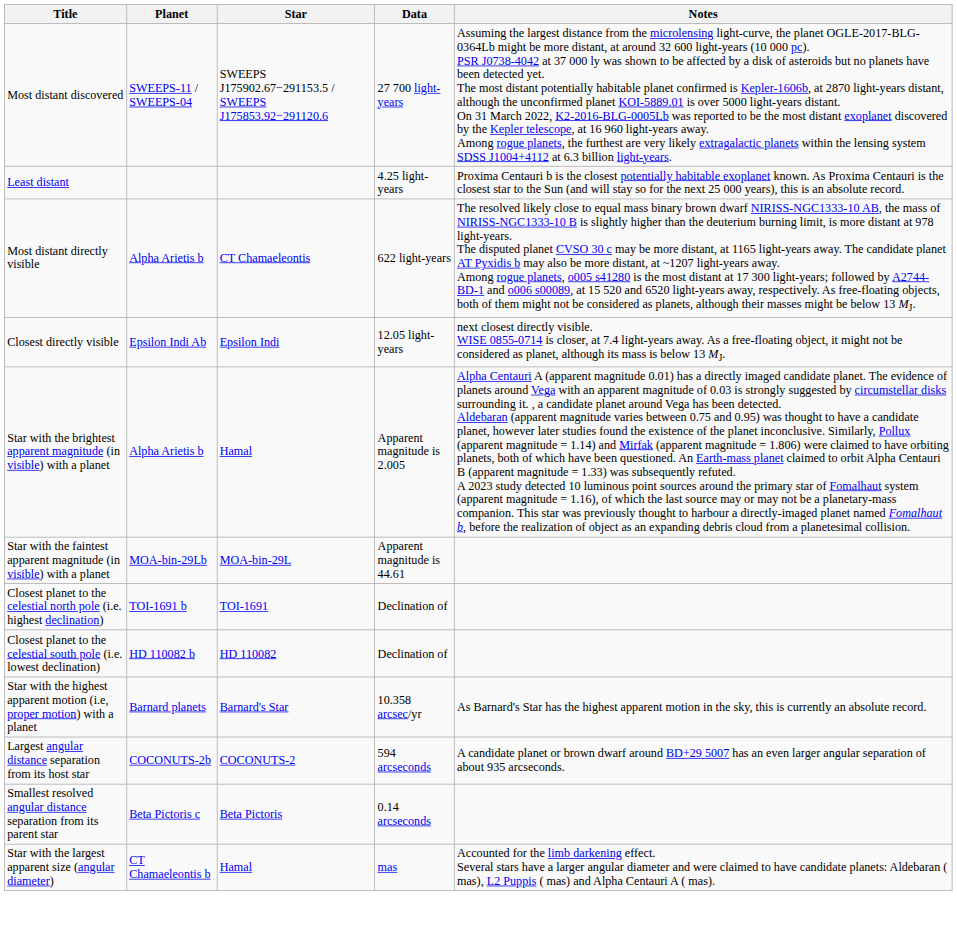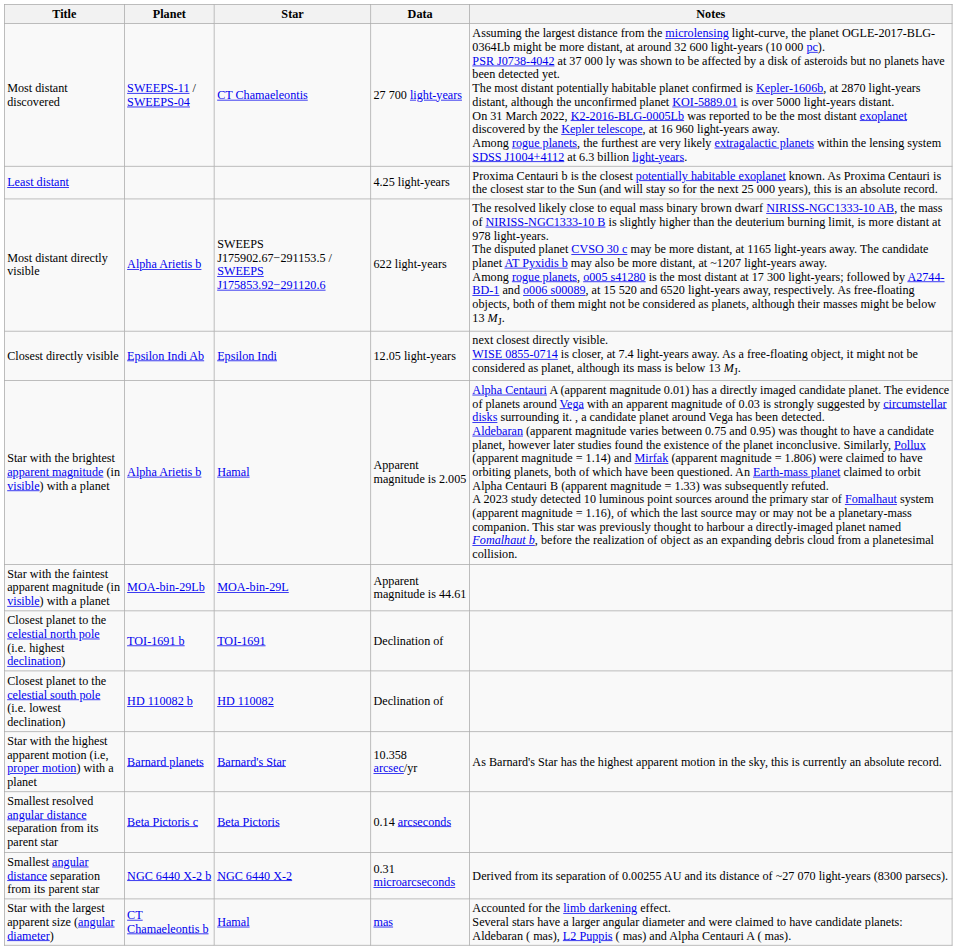 <table class="wikitable sticky-header">
 <tr>
 <th>Title</th>
 <th>Planet</th>
 <th>Star</th>
 <th>Data</th>
 <th>Notes</th>
 </tr>
 <tr>
 <td>Most distant discovered</td>
 <td><a href='#'>SWEEPS-11</a> / <a href='#'>SWEEPS-04</a></td>
-<td>SWEEPS J175902.67−291153.5 / <a href='#'>SWEEPS J175853.92−291120.6</a></td>
+<td><a href='#'>CT Chamaeleontis</a></td>
 <td>27 700 <a href='#'>light-years</a></td>
 <td>Assuming the largest distance from the <a href='#'>microlensing</a> light-curve, the planet OGLE-2017-BLG-0364Lb might be more distant, at around 32 600 light-years (10 000 <a href='#'>pc</a>).<br><a href='#'>PSR J0738-4042</a> at 37 000 ly was shown to be affected by a disk of asteroids but no planets have been detected yet.<br>The most distant potentially habitable planet confirmed is <a href='#'>Kepler-1606b</a>, at 2870 light-years distant, although the unconfirmed planet <a href='#'>KOI-5889.01</a> is over 5000 light-years distant.<br>On 31 March 2022, <a href='#'>K2-2016-BLG-0005Lb</a> was reported to be the most distant <a href='#'>exoplanet</a> discovered by the <a href='#'>Kepler telescope</a>, at 16 960 light-years away.<br>Among <a href='#'>rogue planets</a>, the furthest are very likely <a href='#'>extragalactic planets</a> within the lensing system <a href='#'>SDSS J1004+4112</a> at 6.3 billion <a href='#'>light-years</a>.</td>
 </tr>
 <tr>
 <td><a href='#'>Least distant</a></td>
 <td></td>
 <td></td>
 <td>4.25 light-years</td>
 <td>Proxima Centauri b is the closest <a href='#'>potentially  habitable exoplanet</a> known. As Proxima Centauri is the closest star to the Sun (and will stay so for the next 25 000 years), this is an absolute record.</td>
 </tr>
 <tr>
 <td>Most distant directly visible</td>
 <td><a href='#'>Alpha Arietis b</a></td>
-<td><a href='#'>CT Chamaeleontis</a></td>
+<td>SWEEPS J175902.67−291153.5 / <a href='#'>SWEEPS J175853.92−291120.6</a></td>
 <td>622 light-years</td>
 <td>The resolved likely close to equal mass binary brown dwarf <a href='#'>NIRISS-NGC1333-10 AB</a>, the mass of <a href='#'>NIRISS-NGC1333-10 B</a> is slightly higher than the deuterium burning limit, is more distant at 978 light-years.<br>The disputed planet <a href='#'>CVSO 30 c</a> may be more distant, at 1165 light-years away. The candidate planet <a href='#'>AT Pyxidis b</a> may also be more distant, at ~1207 light-years away.<br>Among <a href='#'>rogue planets</a>, <a href='#'>o005 s41280</a> is the most distant at 17 300 light-years; followed by <a href='#'>A2744-BD-1</a> and <a href='#'>o006 s00089</a>, at 15 520 and 6520 light-years away, respectively. As free-floating objects, both of them might not be considered as planets, although their masses might be below 13 <em>M</em><sub>J</sub>.</td>
 </tr>
 <tr>
 <td>Closest directly visible</td>
 <td><a href='#'>Epsilon Indi Ab</a></td>
 <td><a href='#'>Epsilon Indi</a></td>
 <td>12.05 light-years</td>
 <td> next closest directly visible.<br><a href='#'>WISE 0855-0714</a> is closer, at 7.4 light-years away. As a free-floating object, it might not be considered as planet, although its mass is below 13 <em>M</em><sub>J</sub>.</td>
 </tr>
 <tr>
 <td>Star with the brightest <a href='#'>apparent magnitude</a> (in <a href='#'>visible</a>) with a planet</td>
 <td><a href='#'>Alpha Arietis b</a></td>
 <td><a href='#'>Hamal</a></td>
 <td>Apparent magnitude is 2.005</td>
 <td><a href='#'>Alpha Centauri</a> A (apparent magnitude 0.01) has a directly imaged candidate planet. The evidence of planets around <a href='#'>Vega</a> with an apparent magnitude of 0.03 is strongly suggested by <a href='#'>circumstellar disks</a> surrounding it. , a candidate planet around Vega has been detected.<br><a href='#'>Aldebaran</a> (apparent magnitude varies between 0.75 and 0.95) was thought to have a candidate planet, however later studies found the existence of the planet inconclusive. Similarly, <a href='#'>Pollux</a> (apparent magnitude = 1.14) and <a href='#'>Mirfak</a> (apparent magnitude = 1.806) were claimed to have orbiting planets, both of which have been questioned. An <a href='#'>Earth-mass planet</a> claimed to orbit Alpha Centauri B (apparent magnitude = 1.33) was subsequently refuted.<br>A 2023 study detected 10 luminous point sources around the primary star of <a href='#'>Fomalhaut</a> system (apparent magnitude = 1.16), of which the last source may or may not be a planetary-mass companion. This star was previously thought to harbour a directly-imaged planet named <em><a href='#'>Fomalhaut b</a></em>, before the realization of object as an expanding debris cloud from a planetesimal collision.</td>
 </tr>
 <tr>
 <td>Star with the faintest apparent magnitude (in <a href='#'>visible</a>) with a planet</td>
 <td><a href='#'>MOA-bin-29Lb</a></td>
 <td><a href='#'>MOA-bin-29L</a></td>
 <td>Apparent magnitude is 44.61</td>
 <td></td>
 </tr>
 <tr>
 <td>Closest planet to the <a href='#'>celestial north pole</a> (i.e. highest <a href='#'>declination</a>)</td>
 <td><a href='#'>TOI-1691 b</a></td>
 <td><a href='#'>TOI-1691</a></td>
 <td>Declination of </td>
 <td></td>
 </tr>
 <tr>
 <td>Closest planet to the <a href='#'>celestial south pole</a> (i.e. lowest declination)</td>
 <td><a href='#'>HD 110082 b</a></td>
 <td><a href='#'>HD 110082</a></td>
 <td>Declination of </td>
 <td></td>
 </tr>
 <tr>
 <td>Star with the highest apparent motion (i.e, <a href='#'>proper motion</a>) with a planet</td>
 <td><a href='#'>Barnard planets</a></td>
 <td><a href='#'>Barnard's Star</a></td>
 <td>10.358 <br><a href='#'>arcsec</a>/yr</td>
 <td>As Barnard's Star has the highest apparent motion in the sky, this is currently an absolute record.</td>
 </tr>
 <tr>
-<td>Largest <a href='#'>angular distance</a> separation from its host star</td>
-<td><a href='#'>COCONUTS-2b</a></td>
-<td><a href='#'>COCONUTS-2</a></td>
-<td>594 <a href='#'>arcseconds</a></td>
-<td>A candidate planet or brown dwarf around <a href='#'>BD+29 5007</a> has an even larger angular separation of about 935 arcseconds.</td>
-</tr>
-<tr>
 <td>Smallest resolved  <a href='#'>angular distance</a> separation from its parent star</td>
 <td><a href='#'>Beta Pictoris c</a></td>
 <td><a href='#'>Beta Pictoris</a></td>
 <td>0.14 <a href='#'>arcseconds</a></td>
 <td></td>
+</tr>
+<tr>
+<td>Smallest <a href='#'>angular distance</a> separation from its parent star</td>
+<td><a href='#'>NGC 6440 X-2 b</a></td>
+<td><a href='#'>NGC 6440 X-2</a></td>
+<td>0.31 <a href='#'>microarcseconds</a></td>
+<td>Derived from its separation of 0.00255 AU and its distance of ~27 070 light-years (8300 parsecs).</td>
 </tr>
 <tr>
 <td>Star with the largest apparent size (<a href='#'>angular diameter</a>)</td>
 <td><a href='#'>CT Chamaeleontis b</a></td>
 <td><a href='#'>Hamal</a></td>
 <td> <a href='#'>mas</a></td>
 <td>Accounted for the <a href='#'>limb darkening</a> effect.<br>Several stars have a larger angular diameter and were claimed to have candidate planets: Aldebaran ( mas), <a href='#'>L2 Puppis</a> ( mas) and Alpha Centauri A ( mas).</td>
 </tr>
 </table>
